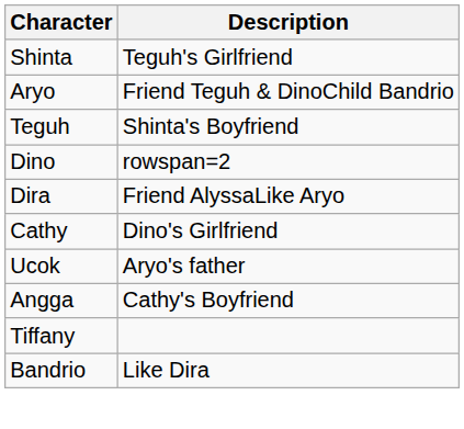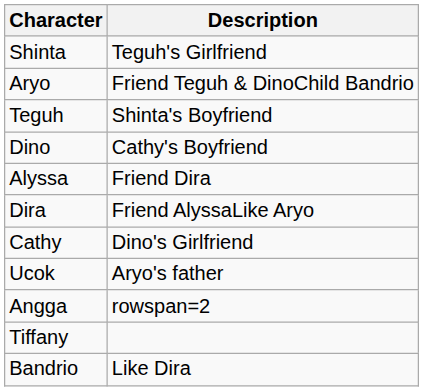 <table class="wikitable unsortable">
 <tr>
 <th>Character</th>
 <th>Description</th>
 </tr>
 <tr>
 <td>Shinta</td>
 <td>Teguh's Girlfriend</td>
 </tr>
 <tr>
 <td>Aryo</td>
 <td>Friend Teguh & DinoChild Bandrio</td>
 </tr>
 <tr>
 <td>Teguh</td>
 <td>Shinta's Boyfriend</td>
 </tr>
 <tr>
 <td>Dino</td>
-<td>rowspan=2 </td>
+<td>Cathy's Boyfriend</td>
+</tr>
+<tr>
+<td>Alyssa</td>
+<td>Friend Dira</td>
 </tr>
 <tr>
 <td>Dira</td>
 <td>Friend AlyssaLike Aryo</td>
 </tr>
 <tr>
 <td>Cathy</td>
 <td>Dino's Girlfriend</td>
 </tr>
 <tr>
 <td>Ucok</td>
 <td>Aryo's father</td>
 </tr>
 <tr>
 <td>Angga</td>
-<td>Cathy's Boyfriend</td>
+<td>rowspan=2 </td>
 </tr>
 <tr>
 <td>Tiffany</td>
 </tr>
 <tr>
 <td>Bandrio</td>
 <td>Like Dira</td>
 </tr>
 </table>
